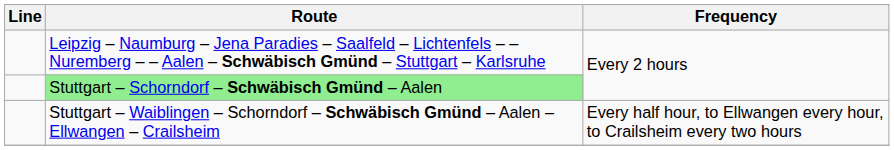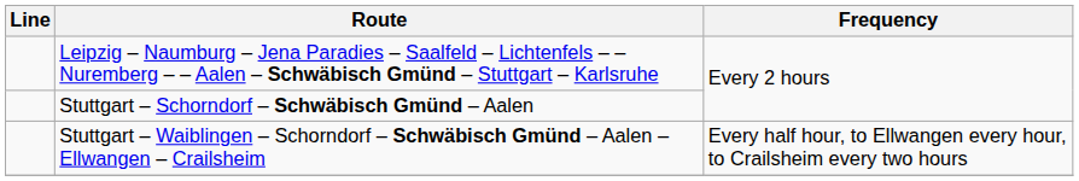 <table class="wikitable">
 <tr class=>
 <th>Line</th>
 <th>Route</th>
 <th>Frequency</th>
 </tr>
 <tr>
 <td style="text-align:center;"></td>
 <td><a href='#'>Leipzig</a> – <a href='#'>Naumburg</a> – <a href='#'>Jena Paradies</a> – <a href='#'>Saalfeld</a> – <a href='#'>Lichtenfels</a> –  – <a href='#'>Nuremberg</a> –  – <a href='#'>Aalen</a> – <strong>Schwäbisch Gmünd</strong> – <a href='#'>Stuttgart</a> – <a href='#'>Karlsruhe</a></td>
 <td rowspan="2">Every 2 hours</td>
 </tr>
 <tr>
 <td style="text-align:center;"></td>
-<td style="background: lightgreen;">Stuttgart – <a href='#'>Schorndorf</a> – <strong>Schwäbisch Gmünd</strong> – Aalen</td>
+<td>Stuttgart – <a href='#'>Schorndorf</a> – <strong>Schwäbisch Gmünd</strong> – Aalen</td>
 </tr>
 <tr>
 <td style="text-align:center;"></td>
 <td>Stuttgart – <a href='#'>Waiblingen</a> – Schorndorf – <strong>Schwäbisch Gmünd</strong> – Aalen – <a href='#'>Ellwangen</a> – <a href='#'>Crailsheim</a></td>
 <td>Every half hour, to Ellwangen every hour, to Crailsheim every two hours</td>
 </tr>
 <tr>
 </tr>
 </table>
